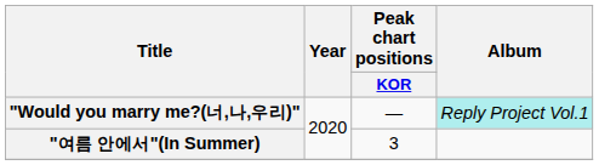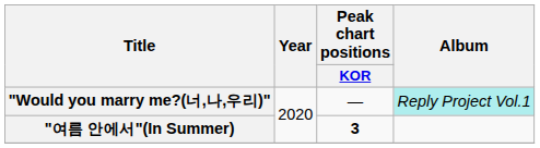 <table class="wikitable plainrowheaders" style="text-align:center;">
 <tr>
 <th scope="col" rowspan="2">Title</th>
 <th scope="col" rowspan="2">Year</th>
 <th scope="col" colspan="1">Peak chart positions</th>
 <th scope="col" rowspan="2">Album</th>
 </tr>
 <tr>
 <th scope="col" style="width:2em;font-size:90%;"><a href='#'>KOR</a><br></th>
 </tr>
 <tr>
 <th scope="row">"Would you marry me?(너,나,우리)"<br></th>
 <td rowspan="2">2020</td>
 <td>—</td>
 <td style="background: paleturquoise;"><em>Reply Project Vol.1</em></td>
 </tr>
 <tr>
 <th scope="row">"여름 안에서"(In Summer)<br></th>
-<td>3</td>
+<td><strong>3</strong></td>
 <td></td>
 </tr>
 <tr>
 </tr>
 </table>
